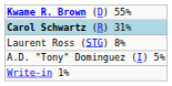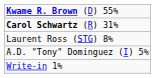 <table class="wikitable">
 <tr>
 <td><strong><a href='#'>Kwame R. Brown</a></strong> (<a href='#'>D</a>) 55%</td>
 </tr>
 <tr>
-<td style="background: lightblue;"><strong>Carol Schwartz</strong> (<a href='#'>R</a>) 31%</td>
+<td><strong>Carol Schwartz</strong> (<a href='#'>R</a>) 31%</td>
 </tr>
 <tr>
 <td>Laurent Ross (<a href='#'>STG</a>) 8%</td>
 </tr>
 <tr>
 <td>A.D. "Tony" Dominguez (<a href='#'>I</a>) 5%</td>
 </tr>
 <tr>
 <td><a href='#'>Write-in</a> 1%</td>
 </tr>
 </table>
